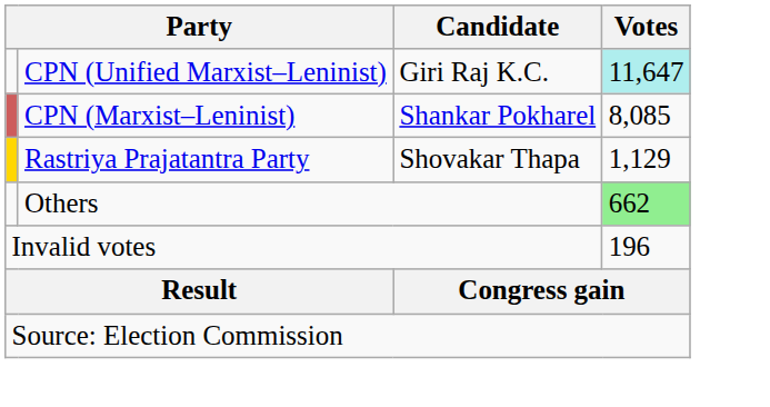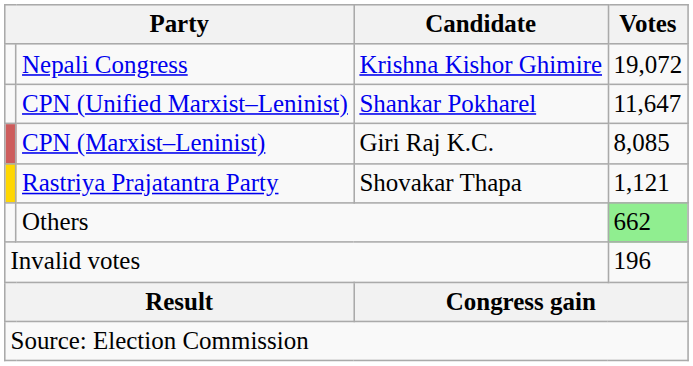 <table class="wikitable">
 <tr>
 <th colspan="2">Party</th>
 <th>Candidate</th>
 <th>Votes</th>
 </tr>
 <tr>
 <td style="background-color:"></td>
+<td><a href='#'>Nepali Congress</a></td>
+<td><a href='#'>Krishna Kishor Ghimire</a></td>
+<td>19,072</td>
+</tr>
+<tr>
+<td style="background-color:"></td>
 <td><a href='#'>CPN (Unified Marxist–Leninist)</a></td>
-<td>Giri Raj K.C.</td>
-<td style="background: paleturquoise;">11,647</td>
+<td><a href='#'>Shankar Pokharel</a></td>
+<td>11,647</td>
 </tr>
 <tr>
 <td style="background-color:indianred"></td>
 <td><a href='#'>CPN (Marxist–Leninist)</a></td>
-<td><a href='#'>Shankar Pokharel</a></td>
+<td>Giri Raj K.C.</td>
 <td>8,085</td>
 </tr>
 <tr>
 <td style="background-color:gold"></td>
 <td><a href='#'>Rastriya Prajatantra Party</a></td>
 <td>Shovakar Thapa</td>
-<td>1,129</td>
+<td>1,121</td>
 </tr>
 <tr>
 <td></td>
 <td colspan="2">Others</td>
 <td style="background: lightgreen;">662</td>
 </tr>
 <tr>
 <td colspan="3">Invalid votes</td>
 <td>196</td>
 </tr>
 <tr>
 <th colspan="2">Result</th>
 <th colspan="2">Congress gain</th>
 </tr>
 <tr>
 <td colspan="4">Source: Election Commission</td>
 </tr>
 </table>
